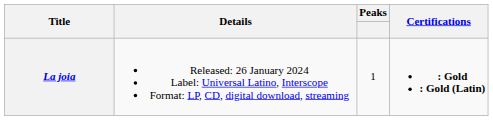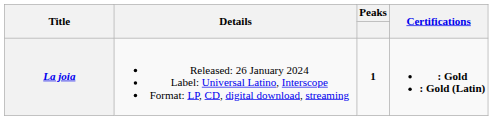 <table class="wikitable plainrowheaders" style="text-align:center">
 <tr>
 <th scope="col" rowspan="2" style="width:9.5em">Title</th>
 <th scope="col" rowspan="2" style="width:21.5em">Details</th>
 <th scope="col">Peaks</th>
 <th scope="col" rowspan="2"><a href='#'>Certifications</a></th>
 </tr>
 <tr>
 <th scope="col" style="width:2.5em;font-size:90%"><a href='#'></a><br></th>
 </tr>
 <tr>
 <th scope="row"><em><a href='#'>La joia</a></em></th>
 <td><br><ul><li>Released: 26 January 2024</li><li>Label: <a href='#'>Universal Latino</a>, <a href='#'>Interscope</a></li><li>Format: <a href='#'>LP</a>, <a href='#'>CD</a>, <a href='#'>digital download</a>, <a href='#'>streaming</a></li></ul></td>
-<td>1</td>
+<td><strong>1</strong></td>
 <td><strong><br><ul><li><a href='#'></a>: Gold</li><li><a href='#'></a>: Gold (Latin)</li></ul></strong></td>
 </tr>
 </table>
